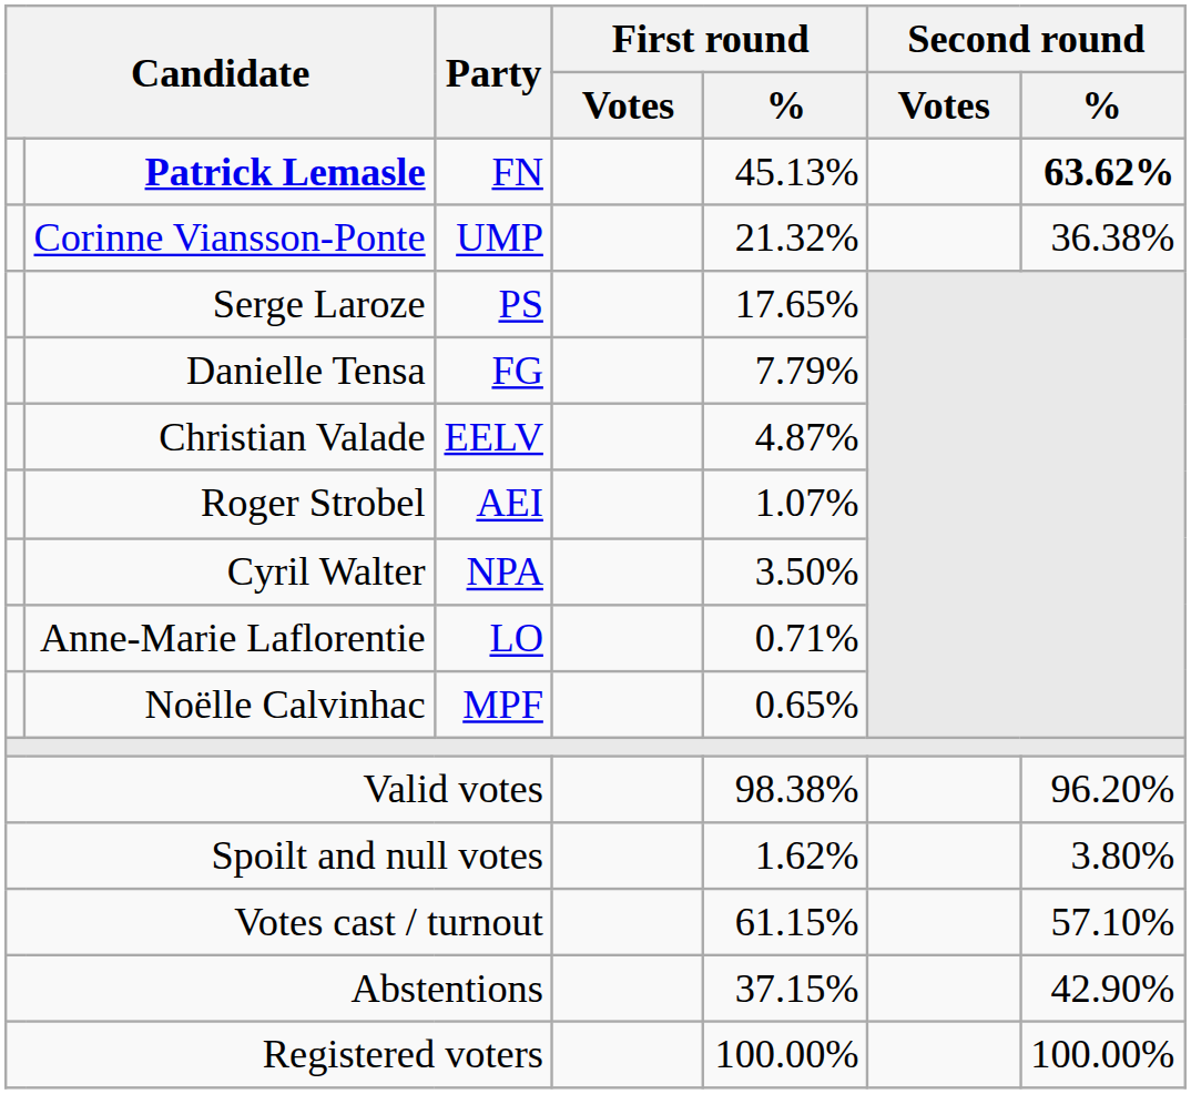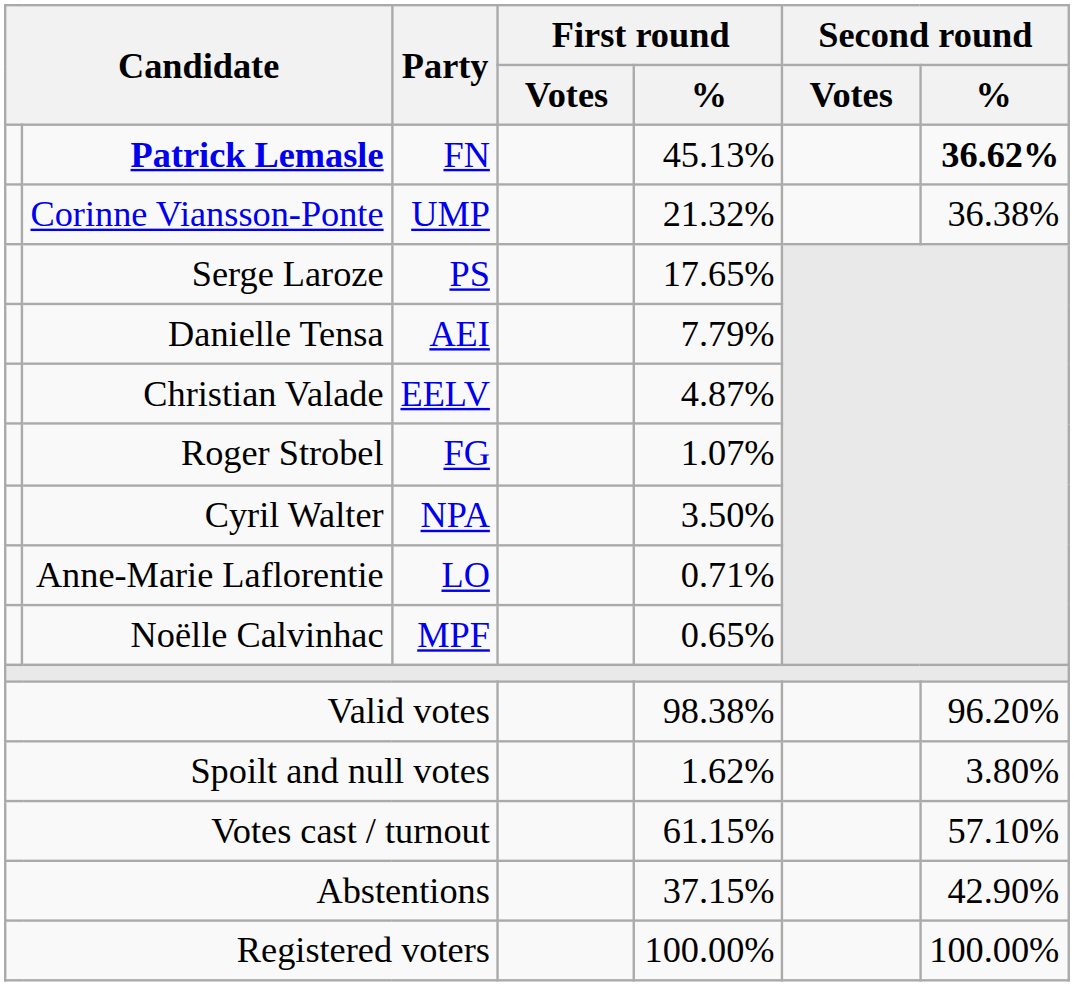 <table class="wikitable" style="text-align:right;font-size:95%;">
 <tr>
 <th rowspan=2 colspan=2>Candidate</th>
 <th rowspan=2 colspan=1>Party</th>
 <th colspan=2>First round</th>
 <th colspan=2>Second round</th>
 </tr>
 <tr>
 <th style="width:50px;">Votes</th>
 <th style="width:55px;">%</th>
 <th style="width:50px;">Votes</th>
 <th style="width:55px;">%</th>
 </tr>
 <tr>
 <td style="color:inherit;background-color:"></td>
 <td><strong><a href='#'>Patrick Lemasle</a></strong></td>
 <td><a href='#'>FN</a></td>
 <td></td>
 <td>45.13%</td>
 <td><strong></strong></td>
-<td><strong>63.62%</strong></td>
+<td><strong>36.62%</strong></td>
 </tr>
 <tr>
 <td style="color:inherit;background-color:"></td>
 <td><a href='#'>Corinne Viansson-Ponte</a></td>
 <td><a href='#'>UMP</a></td>
 <td></td>
 <td>21.32%</td>
 <td></td>
 <td>36.38%</td>
 </tr>
 <tr>
 <td style="color:inherit;background-color:"></td>
 <td>Serge Laroze</td>
 <td><a href='#'>PS</a></td>
 <td></td>
 <td>17.65%</td>
 <td colspan=7 rowspan=7 style="background-color:#E9E9E9;"></td>
 </tr>
 <tr>
 <td style="color:inherit;background-color:"></td>
 <td>Danielle Tensa</td>
-<td><a href='#'>FG</a></td>
+<td><a href='#'>AEI</a></td>
 <td></td>
 <td>7.79%</td>
 </tr>
 <tr>
 <td style="color:inherit;background-color:"></td>
 <td>Christian Valade</td>
 <td><a href='#'>EELV</a></td>
 <td></td>
 <td>4.87%</td>
 </tr>
 <tr>
 <td style="color:inherit;background-color:"></td>
 <td>Roger Strobel</td>
-<td><a href='#'>AEI</a></td>
+<td><a href='#'>FG</a></td>
 <td></td>
 <td>1.07%</td>
 </tr>
 <tr>
 <td style="color:inherit;background-color:"></td>
 <td>Cyril Walter</td>
 <td><a href='#'>NPA</a></td>
 <td></td>
 <td>3.50%</td>
 </tr>
 <tr>
 <td style="color:inherit;background-color:"></td>
 <td>Anne-Marie Laflorentie</td>
 <td><a href='#'>LO</a></td>
 <td></td>
 <td>0.71%</td>
 </tr>
 <tr>
 <td style="color:inherit;background-color:"></td>
 <td>Noëlle Calvinhac</td>
 <td><a href='#'>MPF</a></td>
 <td></td>
 <td>0.65%</td>
 </tr>
 <tr>
 <td colspan=7 style="background-color:#E9E9E9;"></td>
 </tr>
 <tr>
 <td colspan=3>Valid votes</td>
 <td></td>
 <td>98.38%</td>
 <td></td>
 <td>96.20%</td>
 </tr>
 <tr>
 <td colspan=3>Spoilt and null votes</td>
 <td></td>
 <td>1.62%</td>
 <td></td>
 <td>3.80%</td>
 </tr>
 <tr>
 <td colspan=3>Votes cast / turnout</td>
 <td></td>
 <td>61.15%</td>
 <td></td>
 <td>57.10%</td>
 </tr>
 <tr>
 <td colspan=3>Abstentions</td>
 <td></td>
 <td>37.15%</td>
 <td></td>
 <td>42.90%</td>
 </tr>
 <tr>
 <td colspan=3>Registered voters</td>
 <td></td>
 <td>100.00%</td>
 <td></td>
 <td>100.00%</td>
 </tr>
 </table>
